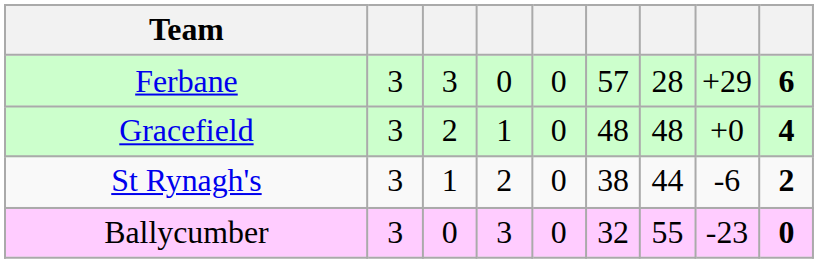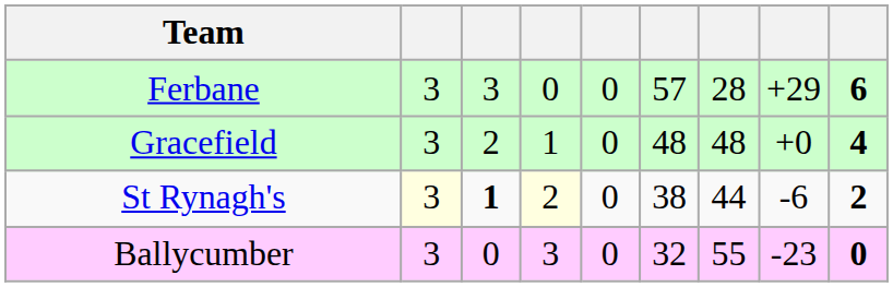 <table class="wikitable" style="text-align:center">
 <tr>
 <th style="width:175px;">Team</th>
 <th width="20"></th>
 <th width="20"></th>
 <th width="20"></th>
 <th width="20"></th>
 <th width="20"></th>
 <th width="20"></th>
 <th width="20"></th>
 <th width="20"></th>
 </tr>
 <tr style="background:#cfc;">
 <td><a href='#'>Ferbane</a></td>
 <td>3</td>
 <td>3</td>
 <td>0</td>
 <td>0</td>
 <td>57</td>
 <td>28</td>
 <td>+29</td>
 <td><strong>6</strong></td>
 </tr>
 <tr style="background:#cfc;">
 <td><a href='#'>Gracefield</a></td>
 <td>3</td>
 <td>2</td>
 <td>1</td>
 <td>0</td>
 <td>48</td>
 <td>48</td>
 <td>+0</td>
 <td><strong>4</strong></td>
 </tr>
 <tr>
 <td><a href='#'>St Rynagh's</a></td>
-<td>3</td>
-<td>1</td>
-<td>2</td>
+<td style="background: lightyellow;">3</td>
+<td><strong>1</strong></td>
+<td style="background: lightyellow;">2</td>
 <td>0</td>
 <td>38</td>
 <td>44</td>
 <td>-6</td>
 <td><strong>2</strong></td>
 </tr>
 <tr style="background:#fcf;">
 <td>Ballycumber</td>
 <td>3</td>
 <td>0</td>
 <td>3</td>
 <td>0</td>
 <td>32</td>
 <td>55</td>
 <td>-23</td>
 <td><strong>0</strong></td>
 </tr>
 </table>
